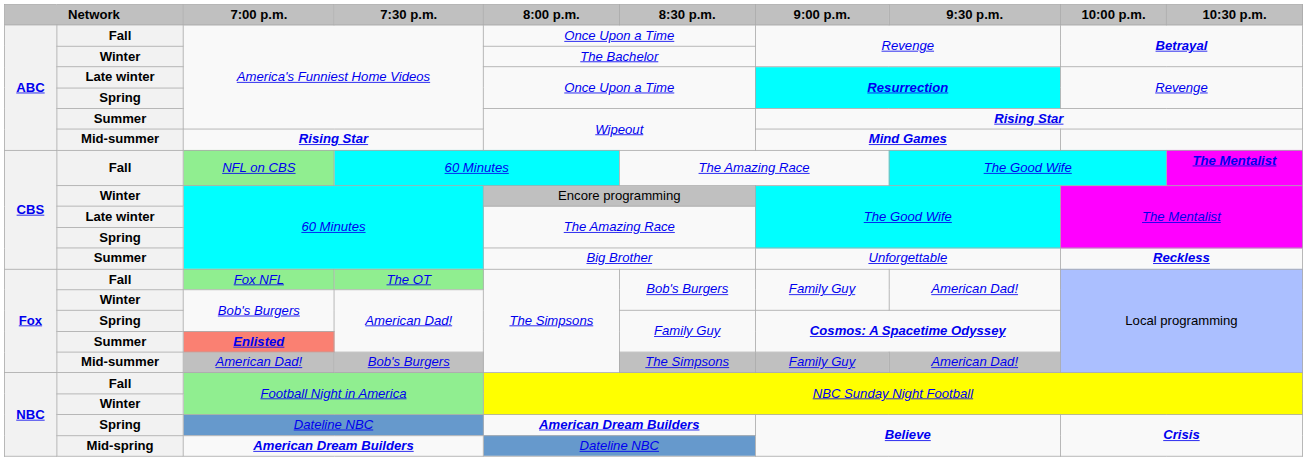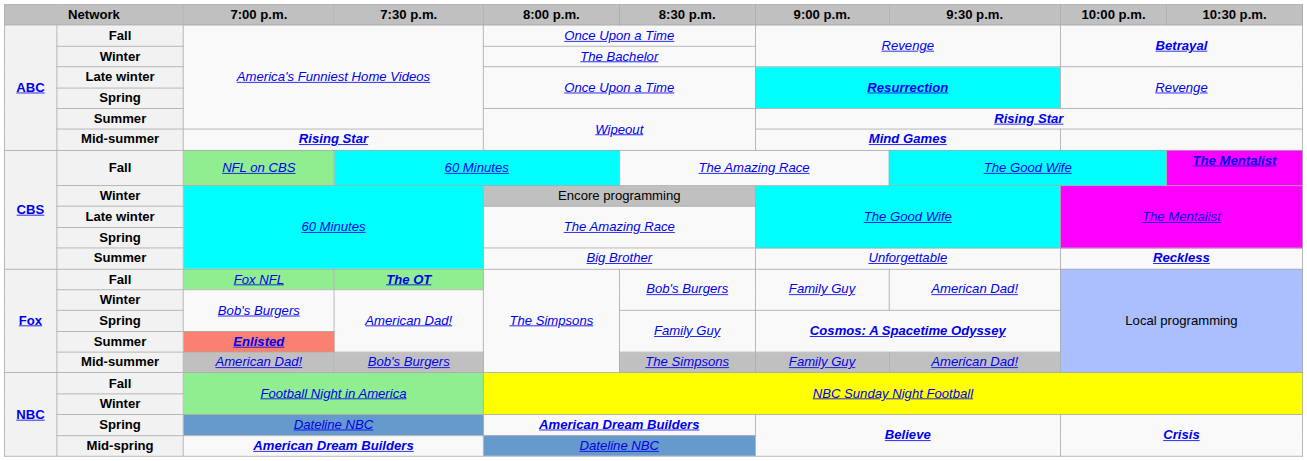 <table class="wikitable" style="width:100%;margin-right:0;text-align:center">
 <tr>
 <th colspan="2" style="background-color:#C0C0C0;text-align:center">Network</th>
 <th style="background-color:#C0C0C0;text-align:center;width:11.6%;">7:00 p.m.</th>
 <th style="background-color:#C0C0C0;text-align:center;width:11.5%;">7:30 p.m.</th>
 <th style="background-color:#C0C0C0;text-align:center">8:00 p.m.</th>
 <th style="background-color:#C0C0C0;text-align:center">8:30 p.m.</th>
 <th style="background-color:#C0C0C0;text-align:center">9:00 p.m.</th>
 <th style="background-color:#C0C0C0;text-align:center">9:30 p.m.</th>
 <th style="background-color:#C0C0C0;text-align:center">10:00 p.m.</th>
 <th style="background-color:#C0C0C0;text-align:center">10:30 p.m.</th>
 </tr>
 <tr>
 <th rowspan="6"><a href='#'>ABC</a></th>
 <th>Fall</th>
 <td colspan="2" rowspan="5"><em><a href='#'>America's Funniest Home Videos</a></em></td>
 <td colspan="2"><em><a href='#'>Once Upon a Time</a></em></td>
 <td colspan="2" rowspan="2"><em><a href='#'>Revenge</a></em></td>
 <td colspan="2" rowspan="2"><strong><em><a href='#'>Betrayal</a></em></strong></td>
 </tr>
 <tr>
 <th>Winter</th>
 <td colspan="2"><em><a href='#'>The Bachelor</a></em></td>
 </tr>
 <tr>
 <th>Late winter</th>
 <td colspan="2" rowspan="2"><em><a href='#'>Once Upon a Time</a></em></td>
 <td style="background:#00FFFF;" colspan="2" rowspan="2"><strong><em><a href='#'>Resurrection</a></em></strong> </td>
 <td colspan="2" rowspan="2"><em><a href='#'>Revenge</a></em></td>
 </tr>
 <tr>
 <th>Spring</th>
 </tr>
 <tr>
 <th>Summer</th>
 <td colspan="2" rowspan="2"><em><a href='#'>Wipeout</a></em></td>
 <td colspan="4"><strong><em><a href='#'>Rising Star</a></em></strong></td>
 </tr>
 <tr>
 <th>Mid-summer</th>
 <td colspan="2"><strong><em><a href='#'>Rising Star</a></em></strong></td>
 <td colspan="2"><strong><em><a href='#'>Mind Games</a></em></strong></td>
 </tr>
 <tr>
 <th rowspan="5"><a href='#'>CBS</a></th>
 <th>Fall</th>
 <td style="background:lightgreen"><em><a href='#'>NFL on CBS</a></em><br></td>
 <td style="background:#00FFFF;" colspan="2"><em><a href='#'>60 Minutes</a></em> </td>
 <td colspan="2"><em><a href='#'>The Amazing Race</a></em></td>
 <td style="background:#00FFFF;" colspan="2"><em><a href='#'>The Good Wife</a></em> </td>
 <td style="background:#FF00FF;"><strong><em><a href='#'>The Mentalist</a></em><br><br></strong></td>
 </tr>
 <tr>
 <th>Winter</th>
 <td style="background:#00FFFF;" colspan="2" rowspan="4"><em><a href='#'>60 Minutes</a></em> </td>
 <td style="background:#C0C0C0;" colspan="2">Encore programming</td>
 <td style="background:#00FFFF;" colspan="2" rowspan="3"><em><a href='#'>The Good Wife</a></em> </td>
 <td style="background:#FF00FF;" colspan="2" rowspan="3"><em><a href='#'>The Mentalist</a></em> </td>
 </tr>
 <tr>
 <th>Late winter</th>
 <td colspan="2" rowspan="2"><em><a href='#'>The Amazing Race</a></em></td>
 </tr>
 <tr>
 <th>Spring</th>
 </tr>
 <tr>
 <th>Summer</th>
 <td colspan="2"><em><a href='#'>Big Brother</a></em></td>
 <td colspan="2"><em><a href='#'>Unforgettable</a></em></td>
 <td colspan="2"><strong><em><a href='#'>Reckless</a></em></strong></td>
 </tr>
 <tr>
 <th rowspan="5"><a href='#'>Fox</a></th>
 <th>Fall</th>
 <td style="background:lightgreen"><em><a href='#'>Fox NFL</a></em> </td>
-<td style="background:lightgreen"><em><a href='#'>The OT</a></em></td>
+<td style="background:lightgreen"><strong><em><a href='#'>The OT</a></em></strong></td>
 <td rowspan="5"><em><a href='#'>The Simpsons</a></em></td>
 <td rowspan="2"><em><a href='#'>Bob's Burgers</a></em></td>
 <td rowspan="2"><em><a href='#'>Family Guy</a></em></td>
 <td rowspan="2"><em><a href='#'>American Dad!</a></em></td>
 <td style="background:#abbfff;" colspan="2" rowspan="5">Local programming</td>
 </tr>
 <tr>
 <th>Winter</th>
 <td rowspan="2"><em><a href='#'>Bob's Burgers</a></em></td>
 <td rowspan="3"><em><a href='#'>American Dad!</a></em></td>
 </tr>
 <tr>
 <th>Spring</th>
 <td rowspan="2"><em><a href='#'>Family Guy</a></em></td>
 <td rowspan="2" colspan="2"><strong><em><a href='#'>Cosmos: A Spacetime Odyssey</a></em></strong></td>
 </tr>
 <tr>
 <th>Summer</th>
 <td style="background:#FA8072;"><strong><em><a href='#'>Enlisted</a></em></strong></td>
 </tr>
 <tr>
 <th>Mid-summer</th>
 <td style="background:#C0C0C0;"><em><a href='#'>American Dad!</a></em> </td>
 <td style="background:#C0C0C0;"><em><a href='#'>Bob's Burgers</a></em> </td>
 <td style="background:#C0C0C0;"><em><a href='#'>The Simpsons</a></em> </td>
 <td style="background:#C0C0C0;"><em><a href='#'>Family Guy</a></em> </td>
 <td style="background:#C0C0C0;"><em><a href='#'>American Dad!</a></em> </td>
 </tr>
 <tr>
 <th rowspan="4"><a href='#'>NBC</a></th>
 <th>Fall</th>
 <td style="background:lightgreen" colspan="2" rowspan="2"><em><a href='#'>Football Night in America</a></em></td>
 <td style="background:#FFFF00;" colspan="6" rowspan="2"><em><a href='#'>NBC Sunday Night Football</a></em>   </td>
 </tr>
 <tr>
 <th>Winter</th>
 </tr>
 <tr>
 <th>Spring</th>
 <td style="background:#6699CC;" colspan="2"><em><a href='#'>Dateline NBC</a></em></td>
 <td colspan="2"><strong><em><a href='#'>American Dream Builders</a></em></strong></td>
 <td colspan="2" rowspan="2"><strong><em><a href='#'>Believe</a></em></strong></td>
 <td colspan="3" rowspan="2"><strong><em><a href='#'>Crisis</a></em></strong></td>
 </tr>
 <tr>
 <th>Mid-spring</th>
 <td colspan="2"><strong><em><a href='#'>American Dream Builders</a></em></strong></td>
 <td style="background:#6699CC;" colspan="2"><em><a href='#'>Dateline NBC</a></em></td>
 </tr>
 </table>
